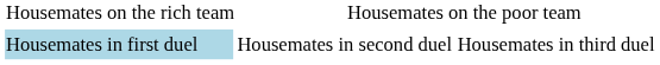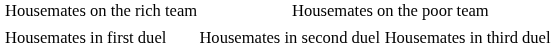 <table style="margin: 1em auto 1em auto; font-size:90%; line-height:20px">
 <tr>
 <td colspan="2"> Housemates on the rich team</td>
 <td colspan="2"> Housemates on the poor team</td>
 </tr>
 <tr>
-<td style="background: lightblue;"> Housemates in first duel</td>
+<td> Housemates in first duel</td>
 <td colspan="2"> Housemates in second duel</td>
 <td> Housemates in third duel</td>
 </tr>
 </table>
